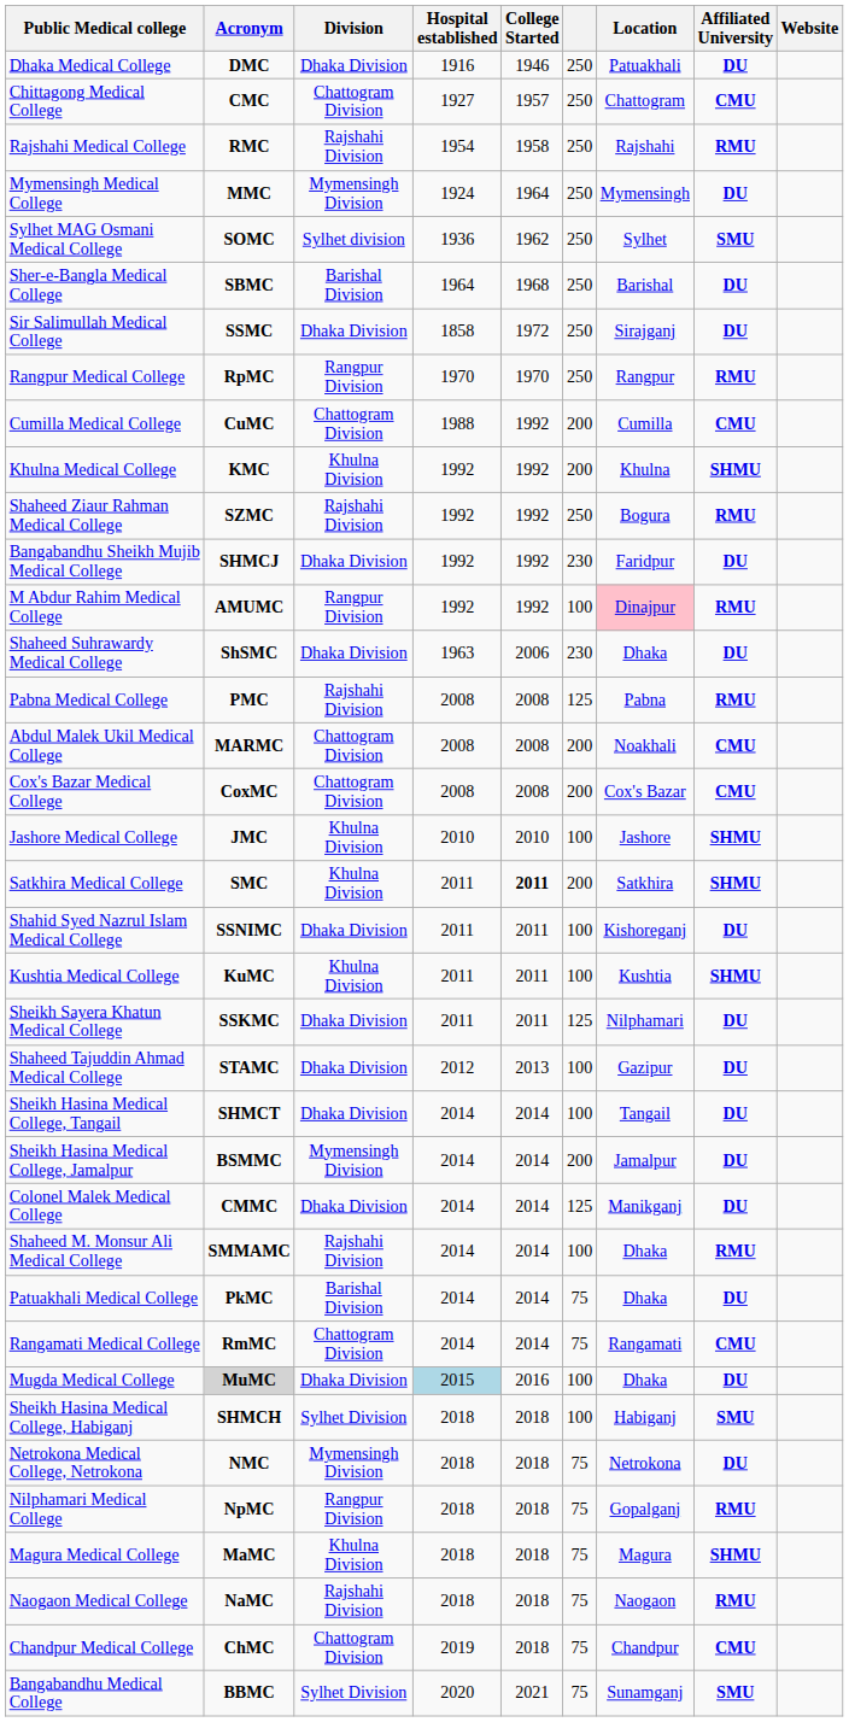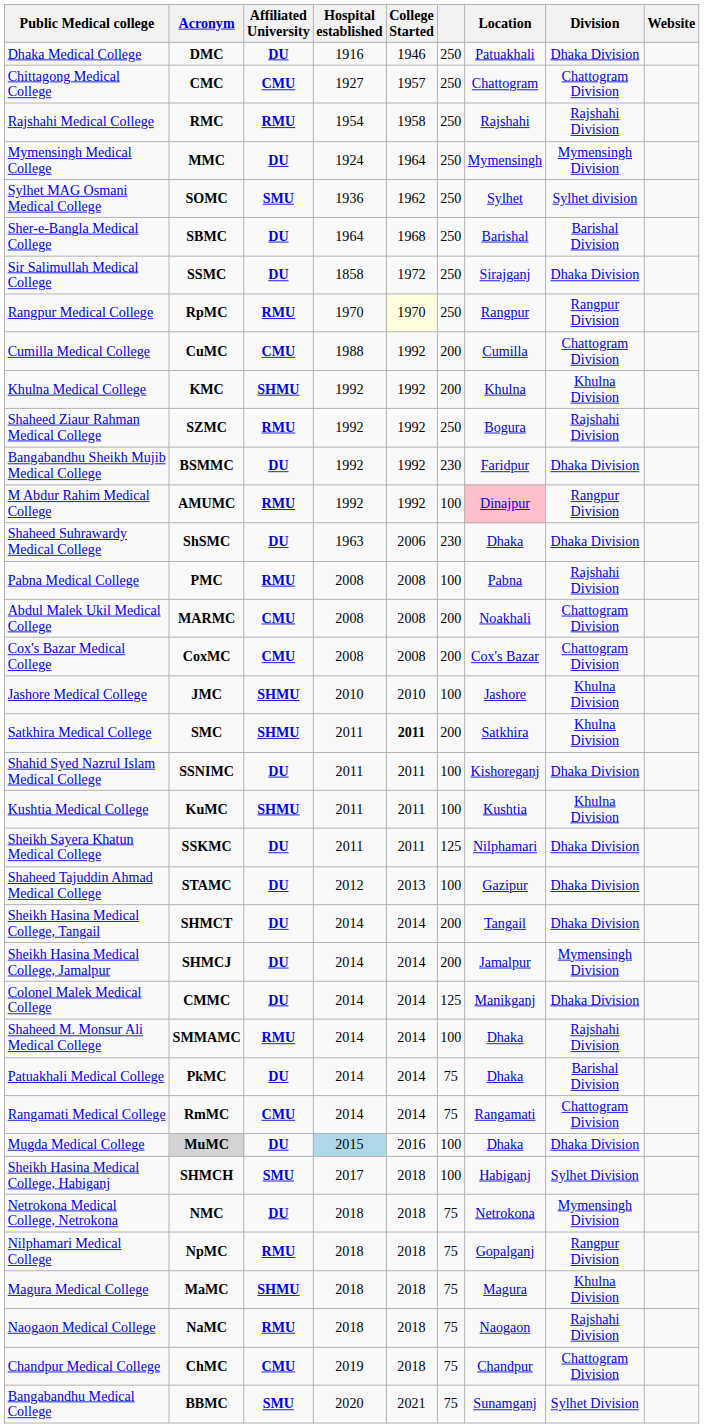 <table class="wikitable sortable static-row-numbers static-row-header-text defaultleft col2right hover-highlight">
 <tr>
 <th style="width:180px;">Public Medical college</th>
 <th class="unsortable"><a href='#'>Acronym</a></th>
-<th style="width:105px;">Division</th>
+<th style="width:30px;">Affiliated University</th>
 <th style="width:50px;">Hospital<br>established</th>
 <th>College<br> Started</th>
 <th></th>
 <th style="width:65px;">Location</th>
-<th style="width:30px;">Affiliated University</th>
+<th style="width:105px;">Division</th>
 <th class="unsortable">Website<br></th>
 </tr>
 <tr>
 <td><a href='#'>Dhaka Medical College</a></td>
 <td align="center"><strong>DMC</strong></td>
-<td align="center"><a href='#'>Dhaka Division</a></td>
+<td align="center"><a href='#'><strong>DU</strong></a></td>
 <td align="center">1916</td>
 <td align="center">1946</td>
 <td align="center">250</td>
 <td align="center"><a href='#'>Patuakhali</a></td>
-<td align="center"><a href='#'><strong>DU</strong></a></td>
+<td align="center"><a href='#'>Dhaka Division</a></td>
 <td align="center"><br></td>
 </tr>
 <tr>
 <td><a href='#'>Chittagong Medical College</a></td>
 <td align="center"><strong>CMC</strong></td>
-<td align="center"><a href='#'>Chattogram Division</a></td>
+<td align="center"><a href='#'><strong>CMU</strong></a></td>
 <td align="center">1927</td>
 <td align="center">1957</td>
 <td align="center">250</td>
 <td align="center"><a href='#'>Chattogram</a></td>
-<td align="center"><a href='#'><strong>CMU</strong></a></td>
+<td align="center"><a href='#'>Chattogram Division</a></td>
 <td align="center"></td>
 </tr>
 <tr>
 <td><a href='#'>Rajshahi Medical College</a></td>
 <td align="center"><strong>RMC</strong></td>
-<td align="center"><a href='#'>Rajshahi Division</a></td>
+<td align="center"><a href='#'><strong>RMU</strong></a></td>
 <td align="center">1954</td>
 <td align="center">1958</td>
 <td align="center">250</td>
 <td align="center"><a href='#'>Rajshahi</a></td>
-<td align="center"><a href='#'><strong>RMU</strong></a></td>
+<td align="center"><a href='#'>Rajshahi Division</a></td>
 <td align="center"></td>
 </tr>
 <tr>
 <td><a href='#'>Mymensingh Medical College</a></td>
 <td align="center"><strong>MMC</strong></td>
-<td align="center"><a href='#'>Mymensingh Division</a></td>
+<td align="center"><a href='#'><strong>DU</strong></a></td>
 <td align="center">1924</td>
 <td align="center">1964</td>
 <td align="center">250</td>
 <td align="center"><a href='#'>Mymensingh</a></td>
-<td align="center"><a href='#'><strong>DU</strong></a></td>
+<td align="center"><a href='#'>Mymensingh Division</a></td>
 <td align="center"></td>
 </tr>
 <tr>
 <td><a href='#'>Sylhet MAG Osmani Medical College</a></td>
 <td align="center"><strong>SOMC</strong></td>
-<td align="center"><a href='#'>Sylhet division</a></td>
+<td align="center"><a href='#'><strong>SMU</strong></a></td>
 <td align="center">1936</td>
 <td align="center">1962</td>
 <td align="center">250</td>
 <td align="center"><a href='#'>Sylhet</a></td>
-<td align="center"><a href='#'><strong>SMU</strong></a></td>
+<td align="center"><a href='#'>Sylhet division</a></td>
 <td align="center"></td>
 </tr>
 <tr>
 <td><a href='#'>Sher-e-Bangla Medical College</a></td>
 <td align="center"><strong>SBMC</strong></td>
-<td align="center"><a href='#'>Barishal Division</a></td>
+<td align="center"><a href='#'><strong>DU</strong></a></td>
 <td align="center">1964</td>
 <td align="center">1968</td>
 <td align="center">250</td>
 <td align="center"><a href='#'>Barishal</a></td>
-<td align="center"><a href='#'><strong>DU</strong></a></td>
+<td align="center"><a href='#'>Barishal Division</a></td>
 <td align="center"></td>
 </tr>
 <tr>
 <td><a href='#'>Sir Salimullah Medical College</a></td>
 <td align="center"><strong>SSMC</strong></td>
-<td align="center"><a href='#'>Dhaka Division</a></td>
+<td align="center"><a href='#'><strong>DU</strong></a></td>
 <td align="center">1858</td>
 <td align="center">1972</td>
 <td align="center">250</td>
 <td align="center"><a href='#'>Sirajganj</a></td>
-<td align="center"><a href='#'><strong>DU</strong></a></td>
+<td align="center"><a href='#'>Dhaka Division</a></td>
 <td align="center"></td>
 </tr>
 <tr>
 <td><a href='#'>Rangpur Medical College</a></td>
 <td align="center"><strong>RpMC</strong></td>
-<td align="center"><a href='#'>Rangpur Division</a></td>
+<td align="center"><a href='#'><strong>RMU</strong></a></td>
 <td align="center">1970</td>
-<td align="center">1970</td>
+<td align="center" style="background: lightyellow;">1970</td>
 <td align="center">250</td>
 <td align="center"><a href='#'>Rangpur</a></td>
-<td align="center"><a href='#'><strong>RMU</strong></a></td>
+<td align="center"><a href='#'>Rangpur Division</a></td>
 <td align="center"></td>
 </tr>
 <tr>
 <td><a href='#'>Cumilla Medical College</a></td>
 <td align="center"><strong>CuMC</strong></td>
-<td align="center"><a href='#'>Chattogram Division</a></td>
+<td align="center"><a href='#'><strong>CMU</strong></a></td>
 <td align="center">1988</td>
 <td align="center">1992</td>
 <td align="center">200</td>
 <td align="center"><a href='#'>Cumilla</a></td>
-<td align="center"><a href='#'><strong>CMU</strong></a></td>
+<td align="center"><a href='#'>Chattogram Division</a></td>
 <td align="center"></td>
 </tr>
 <tr>
 <td><a href='#'>Khulna Medical College</a></td>
 <td align="center"><strong>KMC</strong></td>
-<td align="center"><a href='#'>Khulna Division</a></td>
+<td align="center"><a href='#'><strong>SHMU</strong></a></td>
 <td align="center">1992</td>
 <td align="center">1992</td>
 <td align="center">200</td>
 <td align="center"><a href='#'>Khulna</a></td>
-<td align="center"><a href='#'><strong>SHMU</strong></a></td>
+<td align="center"><a href='#'>Khulna Division</a></td>
 <td align="center"></td>
 </tr>
 <tr>
 <td><a href='#'>Shaheed Ziaur Rahman Medical College</a></td>
 <td align="center"><strong>SZMC</strong></td>
-<td align="center"><a href='#'>Rajshahi Division</a></td>
+<td align="center"><a href='#'><strong>RMU</strong></a></td>
 <td align="center">1992</td>
 <td align="center">1992</td>
 <td align="center">250</td>
 <td align="center"><a href='#'>Bogura</a></td>
-<td align="center"><a href='#'><strong>RMU</strong></a></td>
+<td align="center"><a href='#'>Rajshahi Division</a></td>
 <td align="center"></td>
 </tr>
 <tr>
 <td><a href='#'>Bangabandhu Sheikh Mujib Medical College</a></td>
-<td align="center"><strong>SHMCJ</strong></td>
-<td align="center"><a href='#'>Dhaka Division</a></td>
+<td align="center"><strong>BSMMC</strong></td>
+<td align="center"><a href='#'><strong>DU</strong></a></td>
 <td align="center">1992</td>
 <td align="center">1992</td>
 <td align="center">230</td>
 <td align="center"><a href='#'>Faridpur</a></td>
-<td align="center"><a href='#'><strong>DU</strong></a></td>
+<td align="center"><a href='#'>Dhaka Division</a></td>
 <td align="center"></td>
 </tr>
 <tr>
 <td><a href='#'>M Abdur Rahim Medical College</a></td>
 <td align="center"><strong>AMUMC</strong></td>
-<td align="center"><a href='#'>Rangpur Division</a></td>
+<td align="center"><a href='#'><strong>RMU</strong></a></td>
 <td align="center">1992</td>
 <td align="center">1992</td>
 <td align="center">100</td>
 <td align="center" style="background: pink;"><a href='#'>Dinajpur</a></td>
-<td align="center"><a href='#'><strong>RMU</strong></a></td>
+<td align="center"><a href='#'>Rangpur Division</a></td>
 <td align="center"></td>
 </tr>
 <tr>
 <td><a href='#'>Shaheed Suhrawardy Medical College</a></td>
 <td align="center"><strong>ShSMC</strong></td>
-<td align="center"><a href='#'>Dhaka Division</a></td>
+<td align="center"><a href='#'><strong>DU</strong></a></td>
 <td align="center">1963</td>
 <td align="center">2006</td>
 <td align="center">230</td>
 <td align="center"><a href='#'>Dhaka</a></td>
-<td align="center"><a href='#'><strong>DU</strong></a></td>
+<td align="center"><a href='#'>Dhaka Division</a></td>
 <td align="center"></td>
 </tr>
 <tr>
 <td><a href='#'>Pabna Medical College</a></td>
 <td align="center"><strong>PMC</strong></td>
-<td align="center"><a href='#'>Rajshahi Division</a></td>
+<td align="center"><a href='#'><strong>RMU</strong></a></td>
 <td align="center">2008</td>
 <td align="center">2008</td>
-<td align="center">125</td>
+<td align="center">100</td>
 <td align="center"><a href='#'>Pabna</a></td>
-<td align="center"><a href='#'><strong>RMU</strong></a></td>
+<td align="center"><a href='#'>Rajshahi Division</a></td>
 <td align="center"></td>
 </tr>
 <tr>
 <td><a href='#'>Abdul Malek Ukil Medical College</a></td>
 <td align="center"><strong>MARMC</strong></td>
-<td align="center"><a href='#'>Chattogram Division</a></td>
+<td align="center"><a href='#'><strong>CMU</strong></a></td>
 <td align="center">2008</td>
 <td align="center">2008</td>
 <td align="center">200</td>
 <td align="center"><a href='#'>Noakhali</a></td>
-<td align="center"><a href='#'><strong>CMU</strong></a></td>
+<td align="center"><a href='#'>Chattogram Division</a></td>
 <td align="center"></td>
 </tr>
 <tr>
 <td><a href='#'>Cox's Bazar Medical College</a></td>
 <td align="center"><strong>CoxMC</strong></td>
-<td align="center"><a href='#'>Chattogram Division</a></td>
+<td align="center"><a href='#'><strong>CMU</strong></a></td>
 <td align="center">2008</td>
 <td align="center">2008</td>
 <td align="center">200</td>
 <td align="center"><a href='#'>Cox's Bazar</a></td>
-<td align="center"><a href='#'><strong>CMU</strong></a></td>
+<td align="center"><a href='#'>Chattogram Division</a></td>
 <td align="center"></td>
 </tr>
 <tr>
 <td><a href='#'>Jashore Medical College</a></td>
 <td align="center"><strong>JMC</strong></td>
-<td align="center"><a href='#'>Khulna Division</a></td>
+<td align="center"><a href='#'><strong>SHMU</strong></a></td>
 <td align="center">2010</td>
 <td align="center">2010</td>
 <td align="center">100</td>
 <td align="center"><a href='#'>Jashore</a></td>
-<td align="center"><a href='#'><strong>SHMU</strong></a></td>
+<td align="center"><a href='#'>Khulna Division</a></td>
 <td align="center"></td>
 </tr>
 <tr>
 <td><a href='#'>Satkhira Medical College</a></td>
 <td align="center"><strong>SMC</strong></td>
-<td align="center"><a href='#'>Khulna Division</a></td>
+<td align="center"><a href='#'><strong>SHMU</strong></a></td>
 <td align="center">2011</td>
 <td align="center"><strong>2011</strong></td>
 <td align="center">200</td>
 <td align="center"><a href='#'>Satkhira</a></td>
-<td align="center"><a href='#'><strong>SHMU</strong></a></td>
+<td align="center"><a href='#'>Khulna Division</a></td>
 <td align="center"></td>
 </tr>
 <tr>
 <td><a href='#'>Shahid Syed Nazrul Islam Medical College</a></td>
 <td align="center"><strong>SSNIMC</strong></td>
-<td align="center"><a href='#'>Dhaka Division</a></td>
+<td align="center"><a href='#'><strong>DU</strong></a></td>
 <td align="center">2011</td>
 <td align="center">2011</td>
 <td align="center">100</td>
 <td align="center"><a href='#'>Kishoreganj</a></td>
-<td align="center"><a href='#'><strong>DU</strong></a></td>
+<td align="center"><a href='#'>Dhaka Division</a></td>
 <td align="center"></td>
 </tr>
 <tr>
 <td><a href='#'>Kushtia Medical College</a></td>
 <td align="center"><strong>KuMC</strong></td>
-<td align="center"><a href='#'>Khulna Division</a></td>
+<td align="center"><a href='#'><strong>SHMU</strong></a></td>
 <td align="center">2011</td>
 <td align="center">2011</td>
 <td align="center">100</td>
 <td align="center"><a href='#'>Kushtia</a></td>
-<td align="center"><a href='#'><strong>SHMU</strong></a></td>
+<td align="center"><a href='#'>Khulna Division</a></td>
 <td align="center"></td>
 </tr>
 <tr>
 <td><a href='#'>Sheikh Sayera Khatun Medical College</a></td>
 <td align="center"><strong>SSKMC</strong></td>
-<td align="center"><a href='#'>Dhaka Division</a></td>
+<td align="center"><a href='#'><strong>DU</strong></a></td>
 <td align="center">2011</td>
 <td align="center">2011</td>
 <td align="center">125</td>
 <td align="center"><a href='#'>Nilphamari</a></td>
-<td align="center"><a href='#'><strong>DU</strong></a></td>
+<td align="center"><a href='#'>Dhaka Division</a></td>
 <td align="center"></td>
 </tr>
 <tr>
 <td><a href='#'>Shaheed Tajuddin Ahmad Medical College</a></td>
 <td align="center"><strong>STAMC</strong></td>
-<td align="center"><a href='#'>Dhaka Division</a></td>
+<td align="center"><a href='#'><strong>DU</strong></a></td>
 <td align="center">2012</td>
 <td align="center">2013</td>
 <td align="center">100</td>
 <td align="center"><a href='#'>Gazipur</a></td>
-<td align="center"><a href='#'><strong>DU</strong></a></td>
+<td align="center"><a href='#'>Dhaka Division</a></td>
 <td align="center"></td>
 </tr>
 <tr>
 <td><a href='#'>Sheikh Hasina Medical College, Tangail</a></td>
 <td align="center"><strong>SHMCT</strong></td>
-<td align="center"><a href='#'>Dhaka Division</a></td>
+<td align="center"><a href='#'><strong>DU</strong></a></td>
 <td align="center">2014</td>
 <td align="center">2014</td>
-<td align="center">100</td>
+<td align="center">200</td>
 <td align="center"><a href='#'>Tangail</a></td>
-<td align="center"><a href='#'><strong>DU</strong></a></td>
+<td align="center"><a href='#'>Dhaka Division</a></td>
 <td align="center"></td>
 </tr>
 <tr>
 <td><a href='#'>Sheikh Hasina Medical College, Jamalpur</a></td>
-<td align="center"><strong>BSMMC</strong></td>
-<td align="center"><a href='#'>Mymensingh Division</a></td>
+<td align="center"><strong>SHMCJ</strong></td>
+<td align="center"><a href='#'><strong>DU</strong></a></td>
 <td align="center">2014</td>
 <td align="center">2014</td>
 <td align="center">200</td>
 <td align="center"><a href='#'>Jamalpur</a></td>
-<td align="center"><a href='#'><strong>DU</strong></a></td>
+<td align="center"><a href='#'>Mymensingh Division</a></td>
 <td align="center"></td>
 </tr>
 <tr>
 <td><a href='#'>Colonel Malek Medical College</a></td>
 <td align="center"><strong>CMMC</strong></td>
-<td align="center"><a href='#'>Dhaka Division</a></td>
+<td align="center"><a href='#'><strong>DU</strong></a></td>
 <td align="center">2014</td>
 <td align="center">2014</td>
 <td align="center">125</td>
 <td align="center"><a href='#'>Manikganj</a></td>
-<td align="center"><a href='#'><strong>DU</strong></a></td>
+<td align="center"><a href='#'>Dhaka Division</a></td>
 <td align="center"></td>
 </tr>
 <tr>
 <td><a href='#'>Shaheed M. Monsur Ali Medical College</a></td>
 <td align="center"><strong>SMMAMC</strong></td>
-<td align="center"><a href='#'>Rajshahi Division</a></td>
+<td align="center"><a href='#'><strong>RMU</strong></a></td>
 <td align="center">2014</td>
 <td align="center">2014</td>
 <td align="center">100</td>
 <td align="center"><a href='#'>Dhaka</a></td>
-<td align="center"><a href='#'><strong>RMU</strong></a></td>
+<td align="center"><a href='#'>Rajshahi Division</a></td>
 <td align="center"></td>
 </tr>
 <tr>
 <td><a href='#'>Patuakhali Medical College</a></td>
 <td align="center"><strong>PkMC</strong></td>
-<td align="center"><a href='#'>Barishal Division</a></td>
+<td align="center"><a href='#'><strong>DU</strong></a></td>
 <td align="center">2014</td>
 <td align="center">2014</td>
 <td align="center">75</td>
 <td align="center"><a href='#'>Dhaka</a></td>
-<td align="center"><a href='#'><strong>DU</strong></a></td>
+<td align="center"><a href='#'>Barishal Division</a></td>
 <td align="center"></td>
 </tr>
 <tr>
 <td><a href='#'>Rangamati Medical College</a></td>
 <td align="center"><strong>RmMC</strong></td>
-<td align="center"><a href='#'>Chattogram Division</a></td>
+<td align="center"><a href='#'><strong>CMU</strong></a></td>
 <td align="center">2014</td>
 <td align="center">2014</td>
 <td align="center">75</td>
 <td align="center"><a href='#'>Rangamati</a></td>
-<td align="center"><a href='#'><strong>CMU</strong></a></td>
+<td align="center"><a href='#'>Chattogram Division</a></td>
 <td align="center"></td>
 </tr>
 <tr>
 <td><a href='#'>Mugda Medical College</a></td>
 <td align="center" style="background: lightgrey;"><strong>MuMC</strong></td>
-<td align="center"><a href='#'>Dhaka Division</a></td>
+<td align="center"><a href='#'><strong>DU</strong></a></td>
 <td align="center" style="background: lightblue;">2015</td>
 <td align="center">2016</td>
 <td align="center">100</td>
 <td align="center"><a href='#'>Dhaka</a></td>
-<td align="center"><a href='#'><strong>DU</strong></a></td>
+<td align="center"><a href='#'>Dhaka Division</a></td>
 <td align="center"></td>
 </tr>
 <tr>
 <td><a href='#'>Sheikh Hasina Medical College, Habiganj</a></td>
 <td align="center"><strong>SHMCH</strong></td>
-<td align="center"><a href='#'>Sylhet Division</a></td>
-<td align="center">2018</td>
+<td align="center"><a href='#'><strong>SMU</strong></a></td>
+<td align="center">2017</td>
 <td align="center">2018</td>
 <td align="center">100</td>
 <td align="center"><a href='#'>Habiganj</a></td>
-<td align="center"><a href='#'><strong>SMU</strong></a></td>
+<td align="center"><a href='#'>Sylhet Division</a></td>
 <td align="center"></td>
 </tr>
 <tr>
 <td><a href='#'>Netrokona Medical College, Netrokona</a></td>
 <td align="center"><strong>NMC</strong></td>
-<td align="center"><a href='#'>Mymensingh Division</a></td>
+<td align="center"><a href='#'><strong>DU</strong></a></td>
 <td align="center">2018</td>
 <td align="center">2018</td>
 <td align="center">75</td>
 <td align="center"><a href='#'>Netrokona</a></td>
-<td align="center"><a href='#'><strong>DU</strong></a></td>
+<td align="center"><a href='#'>Mymensingh Division</a></td>
 <td align="center"></td>
 </tr>
 <tr>
 <td><a href='#'>Nilphamari Medical College</a></td>
 <td align="center"><strong>NpMC</strong></td>
-<td align="center"><a href='#'>Rangpur Division</a></td>
+<td align="center"><a href='#'><strong>RMU</strong></a></td>
 <td align="center">2018</td>
 <td align="center">2018</td>
 <td align="center">75</td>
 <td align="center"><a href='#'>Gopalganj</a></td>
-<td align="center"><a href='#'><strong>RMU</strong></a></td>
+<td align="center"><a href='#'>Rangpur Division</a></td>
 <td align="center"></td>
 </tr>
 <tr>
 <td><a href='#'>Magura Medical College</a></td>
 <td align="center"><strong>MaMC</strong></td>
-<td align="center"><a href='#'>Khulna Division</a></td>
+<td align="center"><a href='#'><strong>SHMU</strong></a></td>
 <td align="center">2018</td>
 <td align="center">2018</td>
 <td align="center">75</td>
 <td align="center"><a href='#'>Magura</a></td>
-<td align="center"><a href='#'><strong>SHMU</strong></a></td>
+<td align="center"><a href='#'>Khulna Division</a></td>
 <td align="center"></td>
 </tr>
 <tr>
 <td><a href='#'>Naogaon Medical College</a></td>
 <td align="center"><strong>NaMC</strong></td>
-<td align="center"><a href='#'>Rajshahi Division</a></td>
+<td align="center"><a href='#'><strong>RMU</strong></a></td>
 <td align="center">2018</td>
 <td align="center">2018</td>
 <td align="center">75</td>
 <td align="center"><a href='#'>Naogaon</a></td>
-<td align="center"><a href='#'><strong>RMU</strong></a></td>
+<td align="center"><a href='#'>Rajshahi Division</a></td>
 <td align="center"></td>
 </tr>
 <tr>
 <td><a href='#'>Chandpur Medical College</a></td>
 <td align="center"><strong>ChMC</strong></td>
-<td align="center"><a href='#'>Chattogram Division</a></td>
+<td align="center"><a href='#'><strong>CMU</strong></a></td>
 <td align="center">2019</td>
 <td align="center">2018</td>
 <td align="center">75</td>
 <td align="center"><a href='#'>Chandpur</a></td>
-<td align="center"><a href='#'><strong>CMU</strong></a></td>
+<td align="center"><a href='#'>Chattogram Division</a></td>
 <td align="center"></td>
 </tr>
 <tr>
 <td><a href='#'>Bangabandhu Medical College</a></td>
 <td align="center"><strong>BBMC</strong></td>
-<td align="center"><a href='#'>Sylhet Division</a></td>
+<td align="center"><a href='#'><strong>SMU</strong></a></td>
 <td align="center">2020</td>
 <td align="center">2021</td>
 <td align="center">75</td>
 <td align="center"><a href='#'>Sunamganj</a></td>
-<td align="center"><a href='#'><strong>SMU</strong></a></td>
+<td align="center"><a href='#'>Sylhet Division</a></td>
 <td align="center"></td>
 </tr>
 </table>
